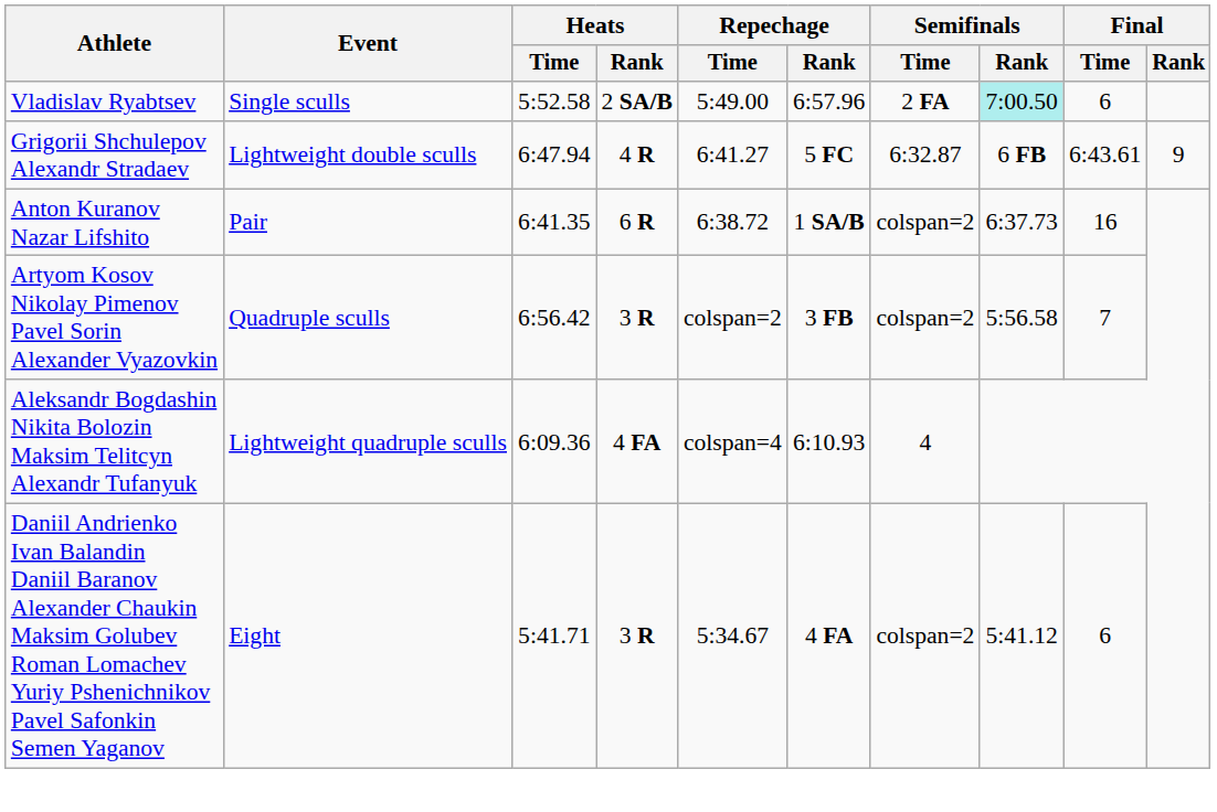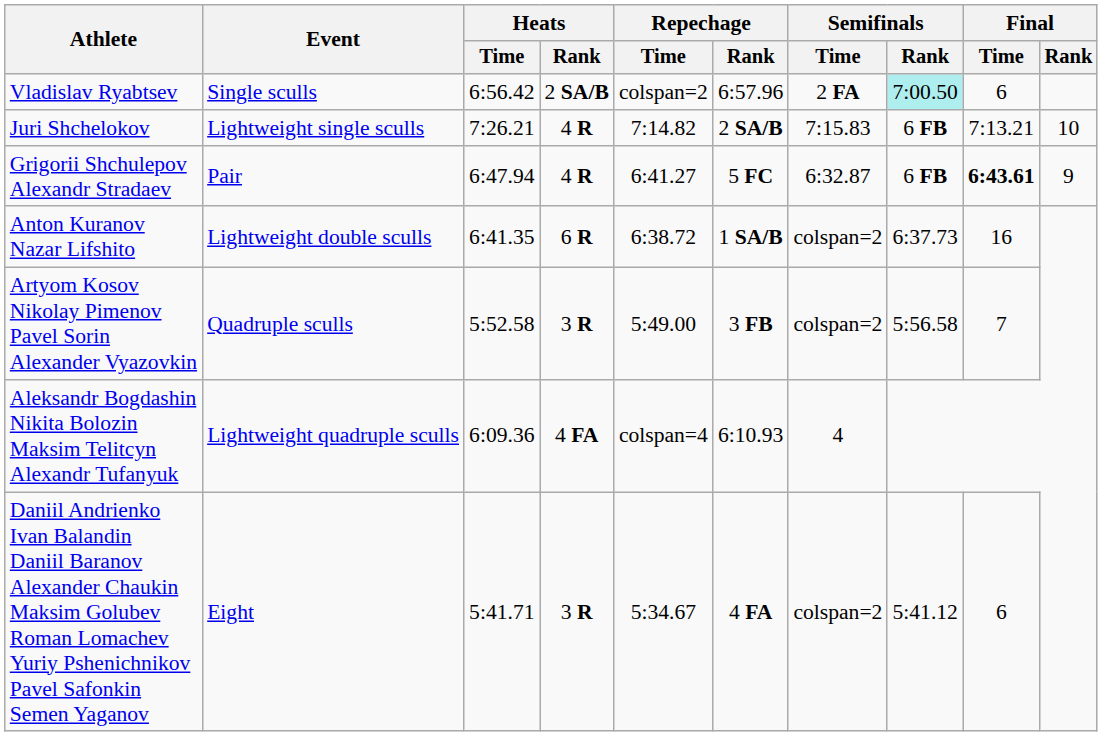 <table class="wikitable" style="font-size:90%">
 <tr>
 <th rowspan="2">Athlete</th>
 <th rowspan="2">Event</th>
 <th colspan="2">Heats</th>
 <th colspan="2">Repechage</th>
 <th colspan="2">Semifinals</th>
 <th colspan="2">Final</th>
 </tr>
 <tr style="font-size:95%">
 <th>Time</th>
 <th>Rank</th>
 <th>Time</th>
 <th>Rank</th>
 <th>Time</th>
 <th>Rank</th>
 <th>Time</th>
 <th>Rank</th>
 </tr>
 <tr align=center>
 <td align=left><a href='#'>Vladislav Ryabtsev</a></td>
 <td align=left><a href='#'>Single sculls</a></td>
-<td>5:52.58</td>
+<td>6:56.42</td>
 <td>2 <strong>SA/B</strong></td>
-<td>5:49.00</td>
+<td>colspan=2 </td>
 <td>6:57.96</td>
 <td>2 <strong>FA</strong></td>
 <td style="background: paleturquoise;">7:00.50</td>
 <td>6</td>
 </tr>
 <tr align=center>
+<td align=left><a href='#'>Juri Shchelokov</a></td>
+<td align=left><a href='#'>Lightweight single sculls</a></td>
+<td>7:26.21</td>
+<td>4 <strong>R</strong></td>
+<td>7:14.82</td>
+<td>2 <strong>SA/B</strong></td>
+<td>7:15.83</td>
+<td>6 <strong>FB</strong></td>
+<td>7:13.21</td>
+<td>10</td>
+</tr>
+<tr align=center>
 <td align=left><a href='#'>Grigorii Shchulepov</a><br><a href='#'>Alexandr Stradaev</a></td>
-<td align=left><a href='#'>Lightweight double sculls</a></td>
+<td align=left><a href='#'>Pair</a></td>
 <td>6:47.94</td>
 <td>4 <strong>R</strong></td>
 <td>6:41.27</td>
 <td>5 <strong>FC</strong></td>
 <td>6:32.87</td>
 <td>6 <strong>FB</strong></td>
-<td>6:43.61</td>
+<td><strong>6:43.61</strong></td>
 <td>9</td>
 </tr>
 <tr align=center>
 <td align=left><a href='#'>Anton Kuranov</a><br><a href='#'>Nazar Lifshito</a></td>
-<td align=left><a href='#'>Pair</a></td>
+<td align=left><a href='#'>Lightweight double sculls</a></td>
 <td>6:41.35</td>
 <td>6 <strong>R</strong></td>
 <td>6:38.72</td>
 <td>1 <strong>SA/B</strong></td>
 <td>colspan=2 </td>
 <td>6:37.73</td>
 <td>16</td>
 </tr>
 <tr align=center>
 <td align=left><a href='#'>Artyom Kosov</a><br><a href='#'>Nikolay Pimenov</a><br><a href='#'>Pavel Sorin</a><br><a href='#'>Alexander Vyazovkin</a></td>
 <td align=left><a href='#'>Quadruple sculls</a></td>
-<td>6:56.42</td>
+<td>5:52.58</td>
 <td>3 <strong>R</strong></td>
-<td>colspan=2 </td>
+<td>5:49.00</td>
 <td>3 <strong>FB</strong></td>
 <td>colspan=2 </td>
 <td>5:56.58</td>
 <td>7</td>
 </tr>
 <tr align=center>
 <td align=left><a href='#'>Aleksandr Bogdashin</a><br><a href='#'>Nikita Bolozin</a><br><a href='#'>Maksim Telitcyn</a><br><a href='#'>Alexandr Tufanyuk</a></td>
 <td align=left><a href='#'>Lightweight quadruple sculls</a></td>
 <td>6:09.36</td>
 <td>4 <strong>FA</strong></td>
 <td>colspan=4 </td>
 <td>6:10.93</td>
 <td>4</td>
 </tr>
 <tr align=center>
 <td align=left><a href='#'>Daniil Andrienko</a><br><a href='#'>Ivan Balandin</a><br><a href='#'>Daniil Baranov</a><br><a href='#'>Alexander Chaukin</a><br><a href='#'>Maksim Golubev</a><br><a href='#'>Roman Lomachev</a><br><a href='#'>Yuriy Pshenichnikov</a><br><a href='#'>Pavel Safonkin</a><br><a href='#'>Semen Yaganov</a></td>
 <td align=left><a href='#'>Eight</a></td>
 <td>5:41.71</td>
 <td>3 <strong>R</strong></td>
 <td>5:34.67</td>
 <td>4 <strong>FA</strong></td>
 <td>colspan=2 </td>
 <td>5:41.12</td>
 <td>6</td>
 </tr>
 </table>
